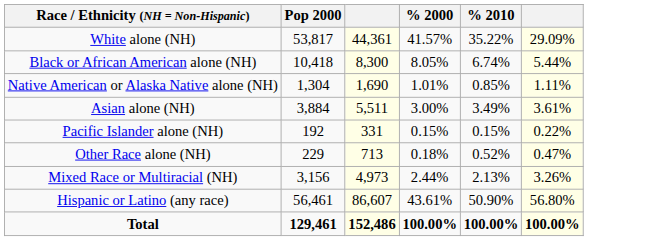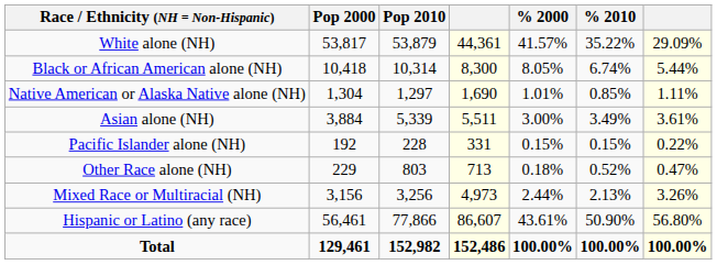 <table class="wikitable" style="text-align:center;">
 <tr>
 <th>Race / Ethnicity <small>(<em>NH = Non-Hispanic</em>)</small></th>
 <th>Pop 2000</th>
+<th>Pop 2010</th>
 <th></th>
 <th>% 2000</th>
 <th>% 2010</th>
 <th></th>
 </tr>
 <tr>
 <td><a href='#'>White</a> alone (NH)</td>
 <td>53,817</td>
+<td>53,879</td>
 <td style='background: #ffffe6;'>44,361</td>
 <td>41.57%</td>
 <td>35.22%</td>
 <td style='background: #ffffe6;'>29.09%</td>
 </tr>
 <tr>
 <td><a href='#'>Black or African American</a> alone (NH)</td>
 <td>10,418</td>
+<td>10,314</td>
 <td style='background: #ffffe6;'>8,300</td>
 <td>8.05%</td>
 <td>6.74%</td>
 <td style='background: #ffffe6;'>5.44%</td>
 </tr>
 <tr>
 <td><a href='#'>Native American</a> or <a href='#'>Alaska Native</a> alone (NH)</td>
 <td>1,304</td>
+<td>1,297</td>
 <td style='background: #ffffe6;'>1,690</td>
 <td>1.01%</td>
 <td>0.85%</td>
 <td style='background: #ffffe6;'>1.11%</td>
 </tr>
 <tr>
 <td><a href='#'>Asian</a> alone (NH)</td>
 <td>3,884</td>
+<td>5,339</td>
 <td style='background: #ffffe6;'>5,511</td>
 <td>3.00%</td>
 <td>3.49%</td>
 <td style='background: #ffffe6;'>3.61%</td>
 </tr>
 <tr>
 <td><a href='#'>Pacific Islander</a> alone (NH)</td>
 <td>192</td>
+<td>228</td>
 <td style='background: #ffffe6;'>331</td>
 <td>0.15%</td>
 <td>0.15%</td>
 <td style='background: #ffffe6;'>0.22%</td>
 </tr>
 <tr>
 <td><a href='#'>Other Race</a> alone (NH)</td>
 <td>229</td>
+<td>803</td>
 <td style='background: #ffffe6;'>713</td>
 <td>0.18%</td>
 <td>0.52%</td>
 <td style='background: #ffffe6;'>0.47%</td>
 </tr>
 <tr>
 <td><a href='#'>Mixed Race or Multiracial</a> (NH)</td>
 <td>3,156</td>
+<td>3,256</td>
 <td style='background: #ffffe6;'>4,973</td>
 <td>2.44%</td>
 <td>2.13%</td>
 <td style='background: #ffffe6;'>3.26%</td>
 </tr>
 <tr>
 <td><a href='#'>Hispanic or Latino</a> (any race)</td>
 <td>56,461</td>
+<td>77,866</td>
 <td style='background: #ffffe6;'>86,607</td>
 <td>43.61%</td>
 <td>50.90%</td>
 <td style='background: #ffffe6;'>56.80%</td>
 </tr>
 <tr>
 <td><strong>Total</strong></td>
 <td><strong>129,461</strong></td>
+<td><strong>152,982</strong></td>
 <td style='background: #ffffe6;'><strong>152,486</strong></td>
 <td><strong>100.00%</strong></td>
 <td><strong>100.00%</strong></td>
 <td style='background: #ffffe6;'><strong>100.00%</strong></td>
 </tr>
 </table>
